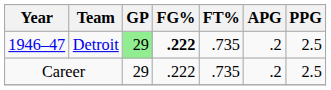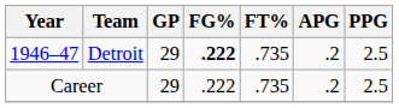 <table class="wikitable sortable" style="font-size:95%; text-align:right;">
 <tr>
 <th>Year</th>
 <th>Team</th>
 <th>GP</th>
 <th>FG%</th>
 <th>FT%</th>
 <th>APG</th>
 <th>PPG</th>
 </tr>
 <tr>
 <td style="text-align:left;"><a href='#'>1946–47</a></td>
 <td style="text-align:left;"><a href='#'>Detroit</a></td>
-<td style="background: lightgreen;">29</td>
+<td>29</td>
 <td><strong>.222</strong></td>
 <td>.735</td>
 <td>.2</td>
 <td>2.5</td>
 </tr>
 <tr>
 <td style="text-align:center;" colspan="2">Career</td>
 <td>29</td>
 <td>.222</td>
 <td>.735</td>
 <td>.2</td>
 <td>2.5</td>
 </tr>
 <tr>
 </tr>
 </table>
